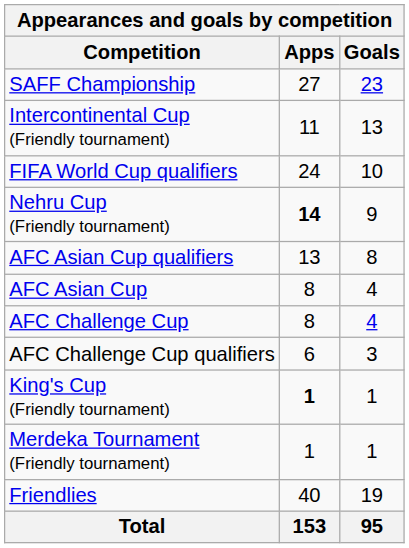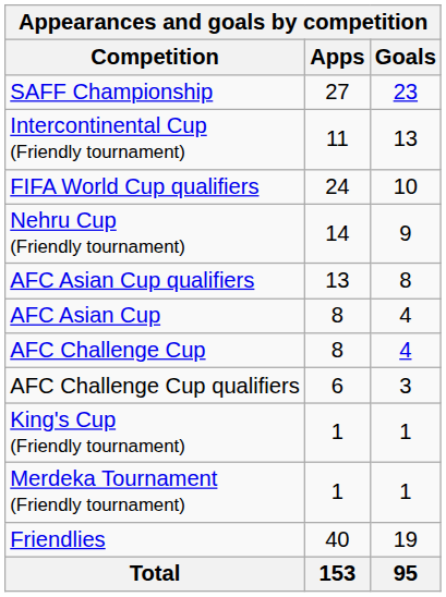 <table class="wikitable sortable" style="text-align:center;">
 <tr>
 <th colspan=3>Appearances and goals by competition</th>
 </tr>
 <tr>
 <th scope="col">Competition</th>
 <th scope="col">Apps</th>
 <th scope="col">Goals</th>
 </tr>
 <tr>
 <td style="text-align:left" scope=row><a href='#'>SAFF Championship</a></td>
 <td>27</td>
 <td><a href='#'>23</a></td>
 </tr>
 <tr>
 <td style="text-align:left" scope=row><a href='#'>Intercontinental Cup</a><br><small>(Friendly tournament)</small></td>
 <td>11</td>
 <td>13</td>
 </tr>
 <tr>
 <td style="text-align:left" scope=row><a href='#'>FIFA World Cup qualifiers</a></td>
 <td>24</td>
 <td>10</td>
 </tr>
 <tr>
 <td style="text-align:left" scope=row><a href='#'>Nehru Cup</a><br><small>(Friendly tournament)</small></td>
-<td><strong>14</strong></td>
+<td>14</td>
 <td>9</td>
 </tr>
 <tr>
 <td style="text-align:left" scope=row><a href='#'>AFC Asian Cup qualifiers</a></td>
 <td>13</td>
 <td>8</td>
 </tr>
 <tr>
 <td style="text-align:left" scope=row><a href='#'>AFC Asian Cup</a></td>
 <td>8</td>
 <td>4</td>
 </tr>
 <tr>
 <td style="text-align:left" scope=row><a href='#'>AFC Challenge Cup</a></td>
 <td>8</td>
 <td><a href='#'>4</a></td>
 </tr>
 <tr>
 <td style="text-align:left" scope=row>AFC Challenge Cup qualifiers</td>
 <td>6</td>
 <td>3</td>
 </tr>
 <tr>
 <td style="text-align:left" scope=row><a href='#'>King's Cup</a><br><small>(Friendly tournament)</small></td>
-<td><strong>1</strong></td>
+<td>1</td>
 <td>1</td>
 </tr>
 <tr>
 <td style="text-align:left" scope=row><a href='#'>Merdeka Tournament</a><br><small>(Friendly tournament)</small></td>
 <td>1</td>
 <td>1</td>
 </tr>
 <tr>
 <td style="text-align:left" scope=row><a href='#'>Friendlies</a></td>
 <td>40</td>
 <td>19</td>
 </tr>
 <tr>
 <th scope=row>Total</th>
 <th>153</th>
 <th>95</th>
 </tr>
 </table>
